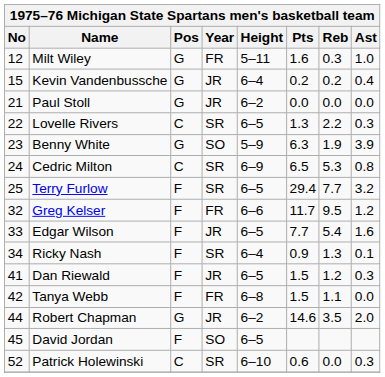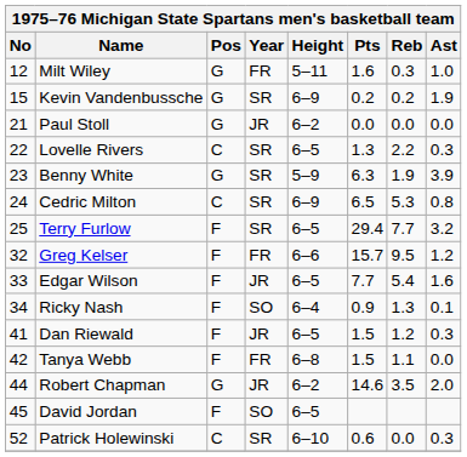 <table class="wikitable sortable" style="font-size: 90%" |->
 <tr>
 <th colspan=9 style=>1975–76 Michigan State Spartans men's basketball team</th>
 </tr>
 <tr>
 <th style="background:#">No</th>
 <th style="background:#">Name</th>
 <th style="background:#">Pos</th>
 <th style="background:#">Year</th>
 <th style="background:#">Height</th>
 <th style="background:#">Pts</th>
 <th style="background:#">Reb</th>
 <th style="background:#">Ast</th>
 </tr>
 <tr>
 <td>12</td>
 <td>Milt Wiley</td>
 <td>G</td>
 <td>FR</td>
 <td>5–11</td>
 <td>1.6</td>
 <td>0.3</td>
 <td>1.0</td>
 </tr>
 <tr>
 <td>15</td>
 <td>Kevin Vandenbussche</td>
 <td>G</td>
-<td>JR</td>
-<td>6–4</td>
+<td>SR</td>
+<td>6–9</td>
 <td>0.2</td>
 <td>0.2</td>
-<td>0.4</td>
+<td>1.9</td>
 </tr>
 <tr>
 <td>21</td>
 <td>Paul Stoll</td>
 <td>G</td>
 <td>JR</td>
 <td>6–2</td>
 <td>0.0</td>
 <td>0.0</td>
 <td>0.0</td>
 </tr>
 <tr>
 <td>22</td>
 <td>Lovelle Rivers</td>
 <td>C</td>
 <td>SR</td>
 <td>6–5</td>
 <td>1.3</td>
 <td>2.2</td>
 <td>0.3</td>
 </tr>
 <tr>
 <td>23</td>
 <td>Benny White</td>
 <td>G</td>
-<td>SO</td>
+<td>SR</td>
 <td>5–9</td>
 <td>6.3</td>
 <td>1.9</td>
 <td>3.9</td>
 </tr>
 <tr>
 <td>24</td>
 <td>Cedric Milton</td>
 <td>C</td>
 <td>SR</td>
 <td>6–9</td>
 <td>6.5</td>
 <td>5.3</td>
 <td>0.8</td>
 </tr>
 <tr>
 <td>25</td>
 <td><a href='#'>Terry Furlow</a></td>
 <td>F</td>
 <td>SR</td>
 <td>6–5</td>
 <td>29.4</td>
 <td>7.7</td>
 <td>3.2</td>
 </tr>
 <tr>
 <td>32</td>
 <td><a href='#'>Greg Kelser</a></td>
 <td>F</td>
 <td>FR</td>
 <td>6–6</td>
-<td>11.7</td>
+<td>15.7</td>
 <td>9.5</td>
 <td>1.2</td>
 </tr>
 <tr>
 <td>33</td>
 <td>Edgar Wilson</td>
 <td>F</td>
 <td>JR</td>
 <td>6–5</td>
 <td>7.7</td>
 <td>5.4</td>
 <td>1.6</td>
 </tr>
 <tr>
 <td>34</td>
 <td>Ricky Nash</td>
 <td>F</td>
-<td>SR</td>
+<td>SO</td>
 <td>6–4</td>
 <td>0.9</td>
 <td>1.3</td>
 <td>0.1</td>
 </tr>
 <tr>
 <td>41</td>
 <td>Dan Riewald</td>
 <td>F</td>
 <td>JR</td>
 <td>6–5</td>
 <td>1.5</td>
 <td>1.2</td>
 <td>0.3</td>
 </tr>
 <tr>
 <td>42</td>
 <td>Tanya Webb</td>
 <td>F</td>
 <td>FR</td>
 <td>6–8</td>
 <td>1.5</td>
 <td>1.1</td>
 <td>0.0</td>
 </tr>
 <tr>
 <td>44</td>
 <td>Robert Chapman</td>
 <td>G</td>
 <td>JR</td>
 <td>6–2</td>
 <td>14.6</td>
 <td>3.5</td>
 <td>2.0</td>
 </tr>
 <tr>
 <td>45</td>
 <td>David Jordan</td>
 <td>F</td>
 <td>SO</td>
 <td>6–5</td>
 <td></td>
 <td></td>
 <td></td>
 </tr>
 <tr>
 <td>52</td>
 <td>Patrick Holewinski</td>
 <td>C</td>
 <td>SR</td>
 <td>6–10</td>
 <td>0.6</td>
 <td>0.0</td>
 <td>0.3</td>
 </tr>
 <tr>
 </tr>
 </table>
